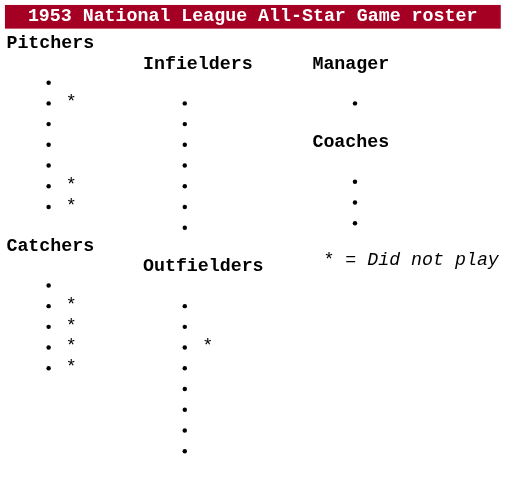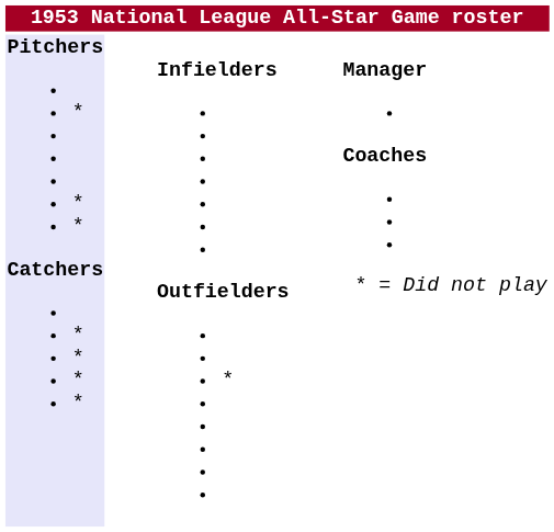 <table class="toccolours" style="font-size: 95%;">
 <tr>
 <th colspan=10 style="background-color: #A50024; color: #FFFFFF; text-align: center;">1953 National League All-Star Game roster</th>
 </tr>
 <tr>
-<td valign="top"><strong>Pitchers</strong><br><ul><li></li><li> *</li><li></li><li></li><li></li><li> *</li><li> *</li></ul><strong>Catchers</strong><ul><li></li><li> *</li><li> *</li><li> *</li><li> *</li></ul></td>
+<td valign="top" style="background: lavender;"><strong>Pitchers</strong><br><ul><li></li><li> *</li><li></li><li></li><li></li><li> *</li><li> *</li></ul><strong>Catchers</strong><ul><li></li><li> *</li><li> *</li><li> *</li><li> *</li></ul></td>
 <td width="25px"></td>
 <td valign="top"><br><strong>Infielders</strong><ul><li></li><li></li><li></li><li></li><li></li><li></li><li></li></ul><strong>Outfielders</strong><ul><li></li><li></li><li> *</li><li></li><li></li><li></li><li></li><li></li></ul></td>
 <td width="25px"></td>
 <td valign="top"><br><strong>Manager</strong><ul><li></li></ul><strong>Coaches</strong><ul><li></li><li></li><li></li></ul> * = <em>Did not play</em></td>
 </tr>
 <tr>
 </tr>
 </table>
